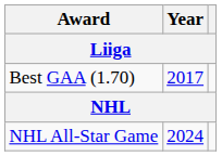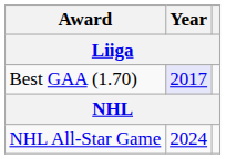 <table class="wikitable">
 <tr>
 <th>Award</th>
 <th>Year</th>
 <th></th>
 </tr>
 <tr>
 <th colspan="3"><a href='#'>Liiga</a></th>
 </tr>
 <tr>
 <td>Best <a href='#'>GAA</a> (1.70)</td>
-<td><a href='#'>2017</a></td>
+<td style="background: lavender;"><a href='#'>2017</a></td>
 <td></td>
 </tr>
 <tr>
 <th colspan="3"><a href='#'>NHL</a></th>
 </tr>
 <tr>
 <td><a href='#'>NHL All-Star Game</a></td>
 <td><a href='#'>2024</a></td>
 <td></td>
 </tr>
 </table>
